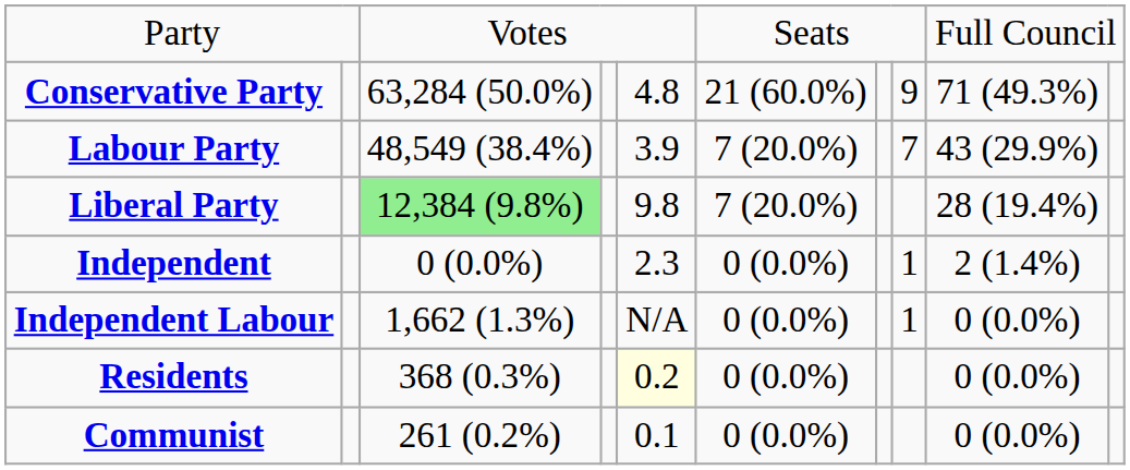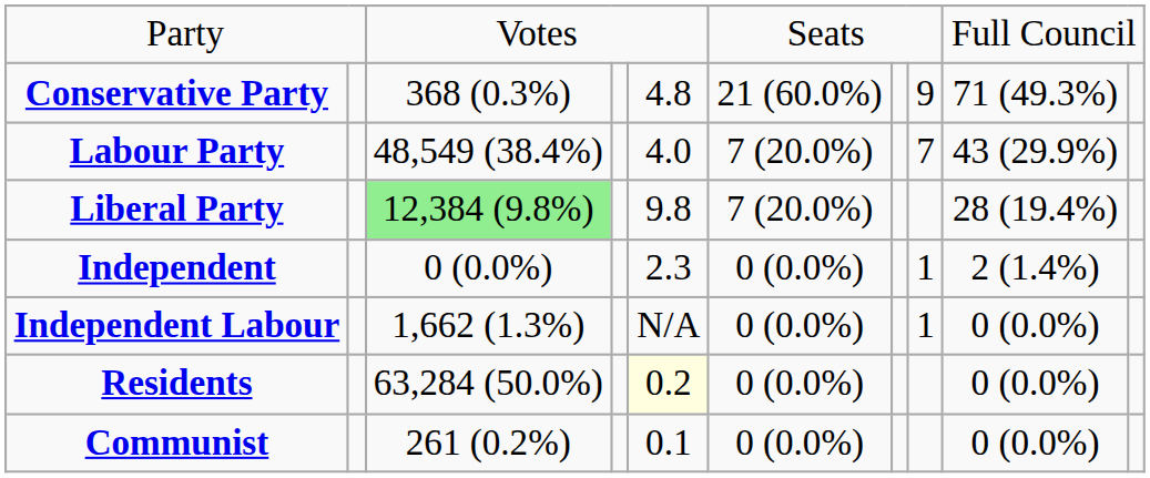 <table class=wikitable style="text-align:center;">
 <tr>
 <td colspan=2>Party</td>
 <td colspan=3>Votes</td>
 <td colspan=3>Seats</td>
 <td colspan=3>Full Council</td>
 </tr>
 <tr>
 <td><strong><a href='#'>Conservative Party</a></strong></td>
 <td style="background:"></td>
-<td>63,284 (50.0%)</td>
+<td>368 (0.3%)</td>
 <td></td>
 <td> 4.8</td>
 <td>21 (60.0%)</td>
 <td></td>
 <td> 9</td>
 <td>71 (49.3%)</td>
 <td></td>
 </tr>
 <tr>
 <td><strong><a href='#'>Labour Party</a></strong></td>
 <td style="background:"></td>
 <td>48,549 (38.4%)</td>
 <td></td>
-<td> 3.9</td>
+<td> 4.0</td>
 <td>7 (20.0%)</td>
 <td></td>
 <td> 7</td>
 <td>43 (29.9%)</td>
 <td></td>
 </tr>
 <tr>
 <td><strong><a href='#'>Liberal Party</a></strong></td>
 <td style="background:"></td>
 <td style="background: lightgreen;">12,384 (9.8%)</td>
 <td></td>
 <td> 9.8</td>
 <td>7 (20.0%)</td>
 <td></td>
 <td></td>
 <td>28 (19.4%)</td>
 <td></td>
 </tr>
 <tr>
 <td><strong><a href='#'>Independent</a></strong></td>
 <td style="background:"></td>
 <td>0 (0.0%)</td>
 <td></td>
 <td> 2.3</td>
 <td>0 (0.0%)</td>
 <td></td>
 <td> 1</td>
 <td>2 (1.4%)</td>
 <td></td>
 </tr>
 <tr>
 <td><strong><a href='#'>Independent Labour</a></strong></td>
 <td style="background:"></td>
 <td>1,662 (1.3%)</td>
 <td></td>
 <td>N/A</td>
 <td>0 (0.0%)</td>
 <td></td>
 <td> 1</td>
 <td>0 (0.0%)</td>
 <td></td>
 </tr>
 <tr>
 <td><strong><a href='#'>Residents</a></strong></td>
 <td style="background:"></td>
-<td>368 (0.3%)</td>
+<td>63,284 (50.0%)</td>
 <td></td>
 <td style="background: lightyellow;"> 0.2</td>
 <td>0 (0.0%)</td>
 <td></td>
 <td></td>
 <td>0 (0.0%)</td>
 <td></td>
 </tr>
 <tr>
 <td><strong><a href='#'>Communist</a></strong></td>
 <td style="background:"></td>
 <td>261 (0.2%)</td>
 <td></td>
 <td> 0.1</td>
 <td>0 (0.0%)</td>
 <td></td>
 <td></td>
 <td>0 (0.0%)</td>
 <td></td>
 </tr>
 </table>
